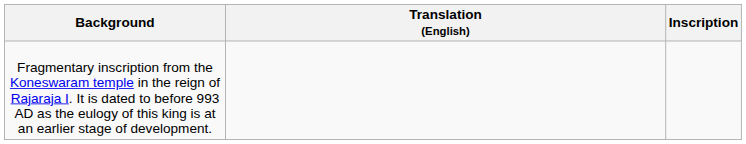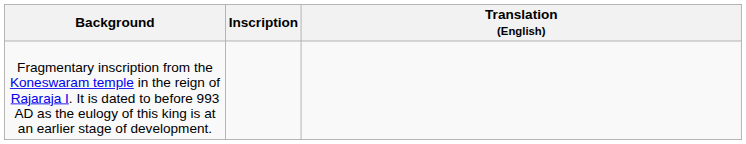 <table class="wikitable centre">
 <tr>
 <th scope="col" align=left>Background<br></th>
+<th>Inscription<br></th>
 <th>Translation<br><small>(English)</small></th>
-<th>Inscription<br></th>
 </tr>
 <tr>
 <td align=center width="30%"><br>Fragmentary inscription from the <a href='#'>Koneswaram temple</a> in the reign of <a href='#'>Rajaraja I</a>. It is dated to before 993 AD as the eulogy of this king is at an earlier stage of development.</td>
+<td align=center width="10%"><br></td>
 <td align=left></td>
-<td align=center width="10%"><br></td>
 </tr>
 </table>
